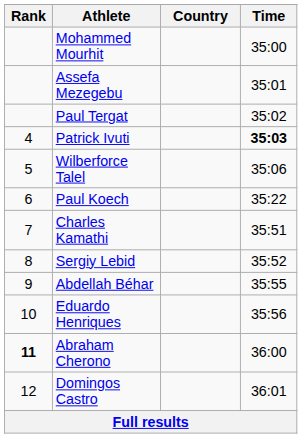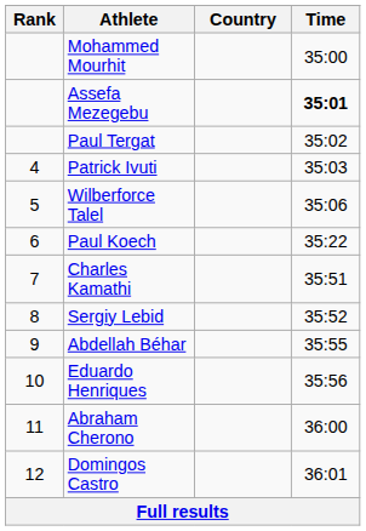 <table class="wikitable sortable" style=" text-align:center; font-size:95%;" width="50%">
 <tr>
 </tr>
 <tr>
 <th width=5%>Rank</th>
 <th width=20%>Athlete</th>
 <th width=15%>Country</th>
 <th width=10%>Time</th>
 </tr>
 <tr>
 <td align=center></td>
 <td align=left><a href='#'>Mohammed Mourhit</a></td>
 <td align=left></td>
 <td>35:00</td>
 </tr>
 <tr>
 <td align=center></td>
 <td align=left><a href='#'>Assefa Mezegebu</a></td>
 <td align=left></td>
-<td>35:01</td>
+<td><strong>35:01</strong></td>
 </tr>
 <tr>
 <td align=center></td>
 <td align=left><a href='#'>Paul Tergat</a></td>
 <td align=left></td>
 <td>35:02</td>
 </tr>
 <tr>
 <td align=center>4</td>
 <td align=left><a href='#'>Patrick Ivuti</a></td>
 <td align=left></td>
-<td><strong>35:03</strong></td>
+<td>35:03</td>
 </tr>
 <tr>
 <td align=center>5</td>
 <td align=left><a href='#'>Wilberforce Talel</a></td>
 <td align=left></td>
 <td>35:06</td>
 </tr>
 <tr>
 <td align=center>6</td>
 <td align=left><a href='#'>Paul Koech</a></td>
 <td align=left></td>
 <td>35:22</td>
 </tr>
 <tr>
 <td align=center>7</td>
 <td align=left><a href='#'>Charles Kamathi</a></td>
 <td align=left></td>
 <td>35:51</td>
 </tr>
 <tr>
 <td align=center>8</td>
 <td align=left><a href='#'>Sergiy Lebid</a></td>
 <td align=left></td>
 <td>35:52</td>
 </tr>
 <tr>
 <td align=center>9</td>
 <td align=left><a href='#'>Abdellah Béhar</a></td>
 <td align=left></td>
 <td>35:55</td>
 </tr>
 <tr>
 <td align=center>10</td>
 <td align=left><a href='#'>Eduardo Henriques</a></td>
 <td align=left></td>
 <td>35:56</td>
 </tr>
 <tr>
-<td align=center><strong>11</strong></td>
+<td align=center>11</td>
 <td align=left><a href='#'>Abraham Cherono</a></td>
 <td align=left></td>
 <td>36:00</td>
 </tr>
 <tr>
 <td align=center>12</td>
 <td align=left><a href='#'>Domingos Castro</a></td>
 <td align=left></td>
 <td>36:01</td>
 </tr>
 <tr class="sortbottom">
 <th colspan=4 align=center><a href='#'>Full results</a></th>
 </tr>
 </table>
